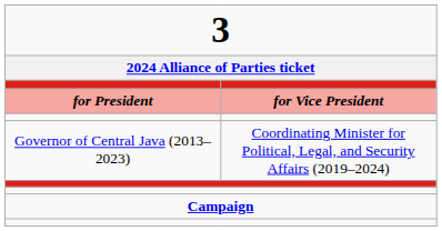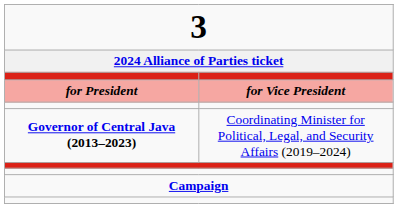 <table class="wikitable" style="font-size:90%; text-align:center;">
 <tr>
 <td colspan=2><big><big><big><big><big><strong>3</strong></big></big></big></big></big></td>
 </tr>
 <tr>
 <td colspan="2" style="background:#f1f1f1;"><strong><a href='#'>2024 Alliance of Parties ticket</a></strong></td>
 </tr>
 <tr>
 <th style="width:3em; font-size:135%; background:#DB2016; width:200px;"><a href='#'></a></th>
 <th style="width:3em; font-size:135%; background:#DB2016; width:200px;"><a href='#'></a></th>
 </tr>
 <tr style="color:#000; font-size:100%; background:#F6A7A2;">
 <td style="width:3em; width:200px;"><strong><em>for President</em></strong></td>
 <td style="width:3em; width:200px;"><strong><em>for Vice President</em></strong></td>
 </tr>
 <tr>
 <td></td>
 <td></td>
 </tr>
 <tr>
-<td><a href='#'>Governor of Central Java</a> (2013–2023)</td>
+<td><strong><a href='#'>Governor of Central Java</a> (2013–2023)</strong></td>
 <td><a href='#'>Coordinating Minister for Political, Legal, and Security Affairs</a> (2019–2024)</td>
 </tr>
 <tr>
 <td colspan=2 bgcolor="#DB2016"></td>
 </tr>
 <tr>
 <td colspan=2><strong></strong></td>
 </tr>
 <tr>
 <td colspan=2><strong><a href='#'>Campaign</a></strong></td>
 </tr>
 <tr>
 <td colspan=2></td>
 </tr>
 </table>
